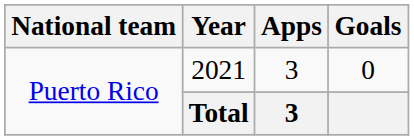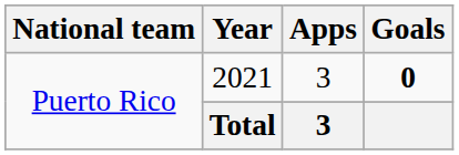 <table class="wikitable" style="text-align:center">
 <tr>
 <th>National team</th>
 <th>Year</th>
 <th>Apps</th>
 <th>Goals</th>
 </tr>
 <tr>
 <td rowspan="3"><a href='#'>Puerto Rico</a></td>
 <td>2021</td>
 <td>3</td>
-<td>0</td>
+<td><strong>0</strong></td>
 </tr>
 <tr>
 <th colspan=1>Total</th>
 <th>3</th>
 <th></th>
 </tr>
 </table>
